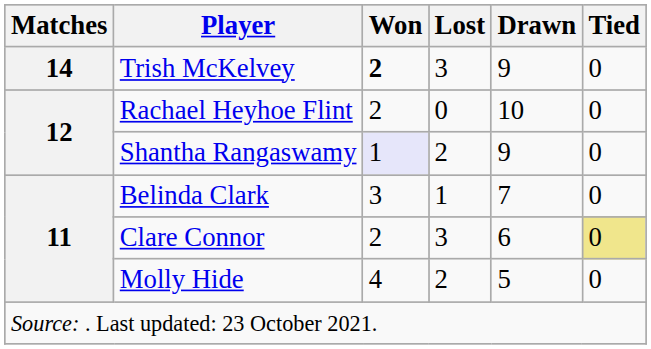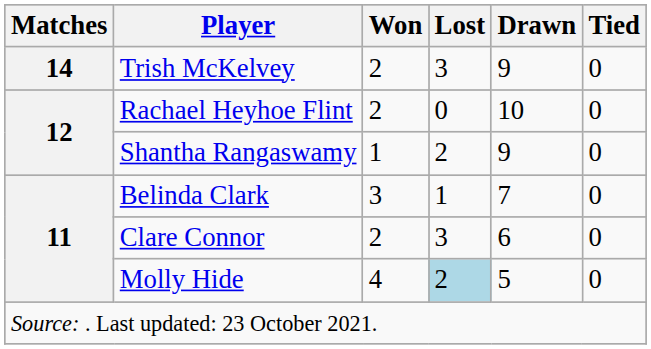 <table class="wikitable">
 <tr>
 <th>Matches</th>
 <th><a href='#'>Player</a></th>
 <th>Won</th>
 <th>Lost</th>
 <th>Drawn</th>
 <th>Tied</th>
 </tr>
 <tr>
 <th>14</th>
 <td align="left"> <a href='#'>Trish McKelvey</a></td>
-<td><strong>2</strong></td>
+<td>2</td>
 <td>3</td>
 <td>9</td>
 <td>0</td>
 </tr>
 <tr>
 <th rowspan=2 vallign="middle">12</th>
 <td align="left"> <a href='#'>Rachael Heyhoe Flint</a></td>
 <td>2</td>
 <td>0</td>
 <td>10</td>
 <td>0</td>
 </tr>
 <tr>
 <td align="left"> <a href='#'>Shantha Rangaswamy</a></td>
-<td style="background: lavender;">1</td>
+<td>1</td>
 <td>2</td>
 <td>9</td>
 <td>0</td>
 </tr>
 <tr>
 <th rowspan=3 valign="middle">11</th>
 <td align="left"> <a href='#'>Belinda Clark</a></td>
 <td>3</td>
 <td>1</td>
 <td>7</td>
 <td>0</td>
 </tr>
 <tr>
 <td align="left"> <a href='#'>Clare Connor</a></td>
 <td>2</td>
 <td>3</td>
 <td>6</td>
-<td style="background: khaki;">0</td>
+<td>0</td>
 </tr>
 <tr>
 <td align="left"> <a href='#'>Molly Hide</a></td>
 <td>4</td>
-<td>2</td>
+<td style="background: lightblue;">2</td>
 <td>5</td>
 <td>0</td>
 </tr>
 <tr>
 <td colspan=7><small><em>Source: </em>. Last updated: 23 October 2021.</small></td>
 </tr>
 </table>
